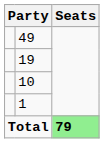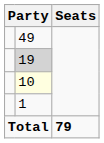 <table class="wikitable">
 <tr>
 <th colspan=2>Party</th>
 <th>Seats</th>
 </tr>
 <tr>
 <td></td>
 <td>49</td>
 </tr>
 <tr>
 <td></td>
-<td>19</td>
+<td style="background: lightgrey;">19</td>
 </tr>
 <tr>
 <td></td>
-<td>10</td>
+<td style="background: lightyellow;">10</td>
 </tr>
 <tr>
 <td></td>
 <td>1</td>
 </tr>
 <tr>
 <td colspan="2"><strong>Total</strong></td>
-<td style="background: lightgreen;"><strong>79</strong></td>
+<td><strong>79</strong></td>
 </tr>
 </table>
